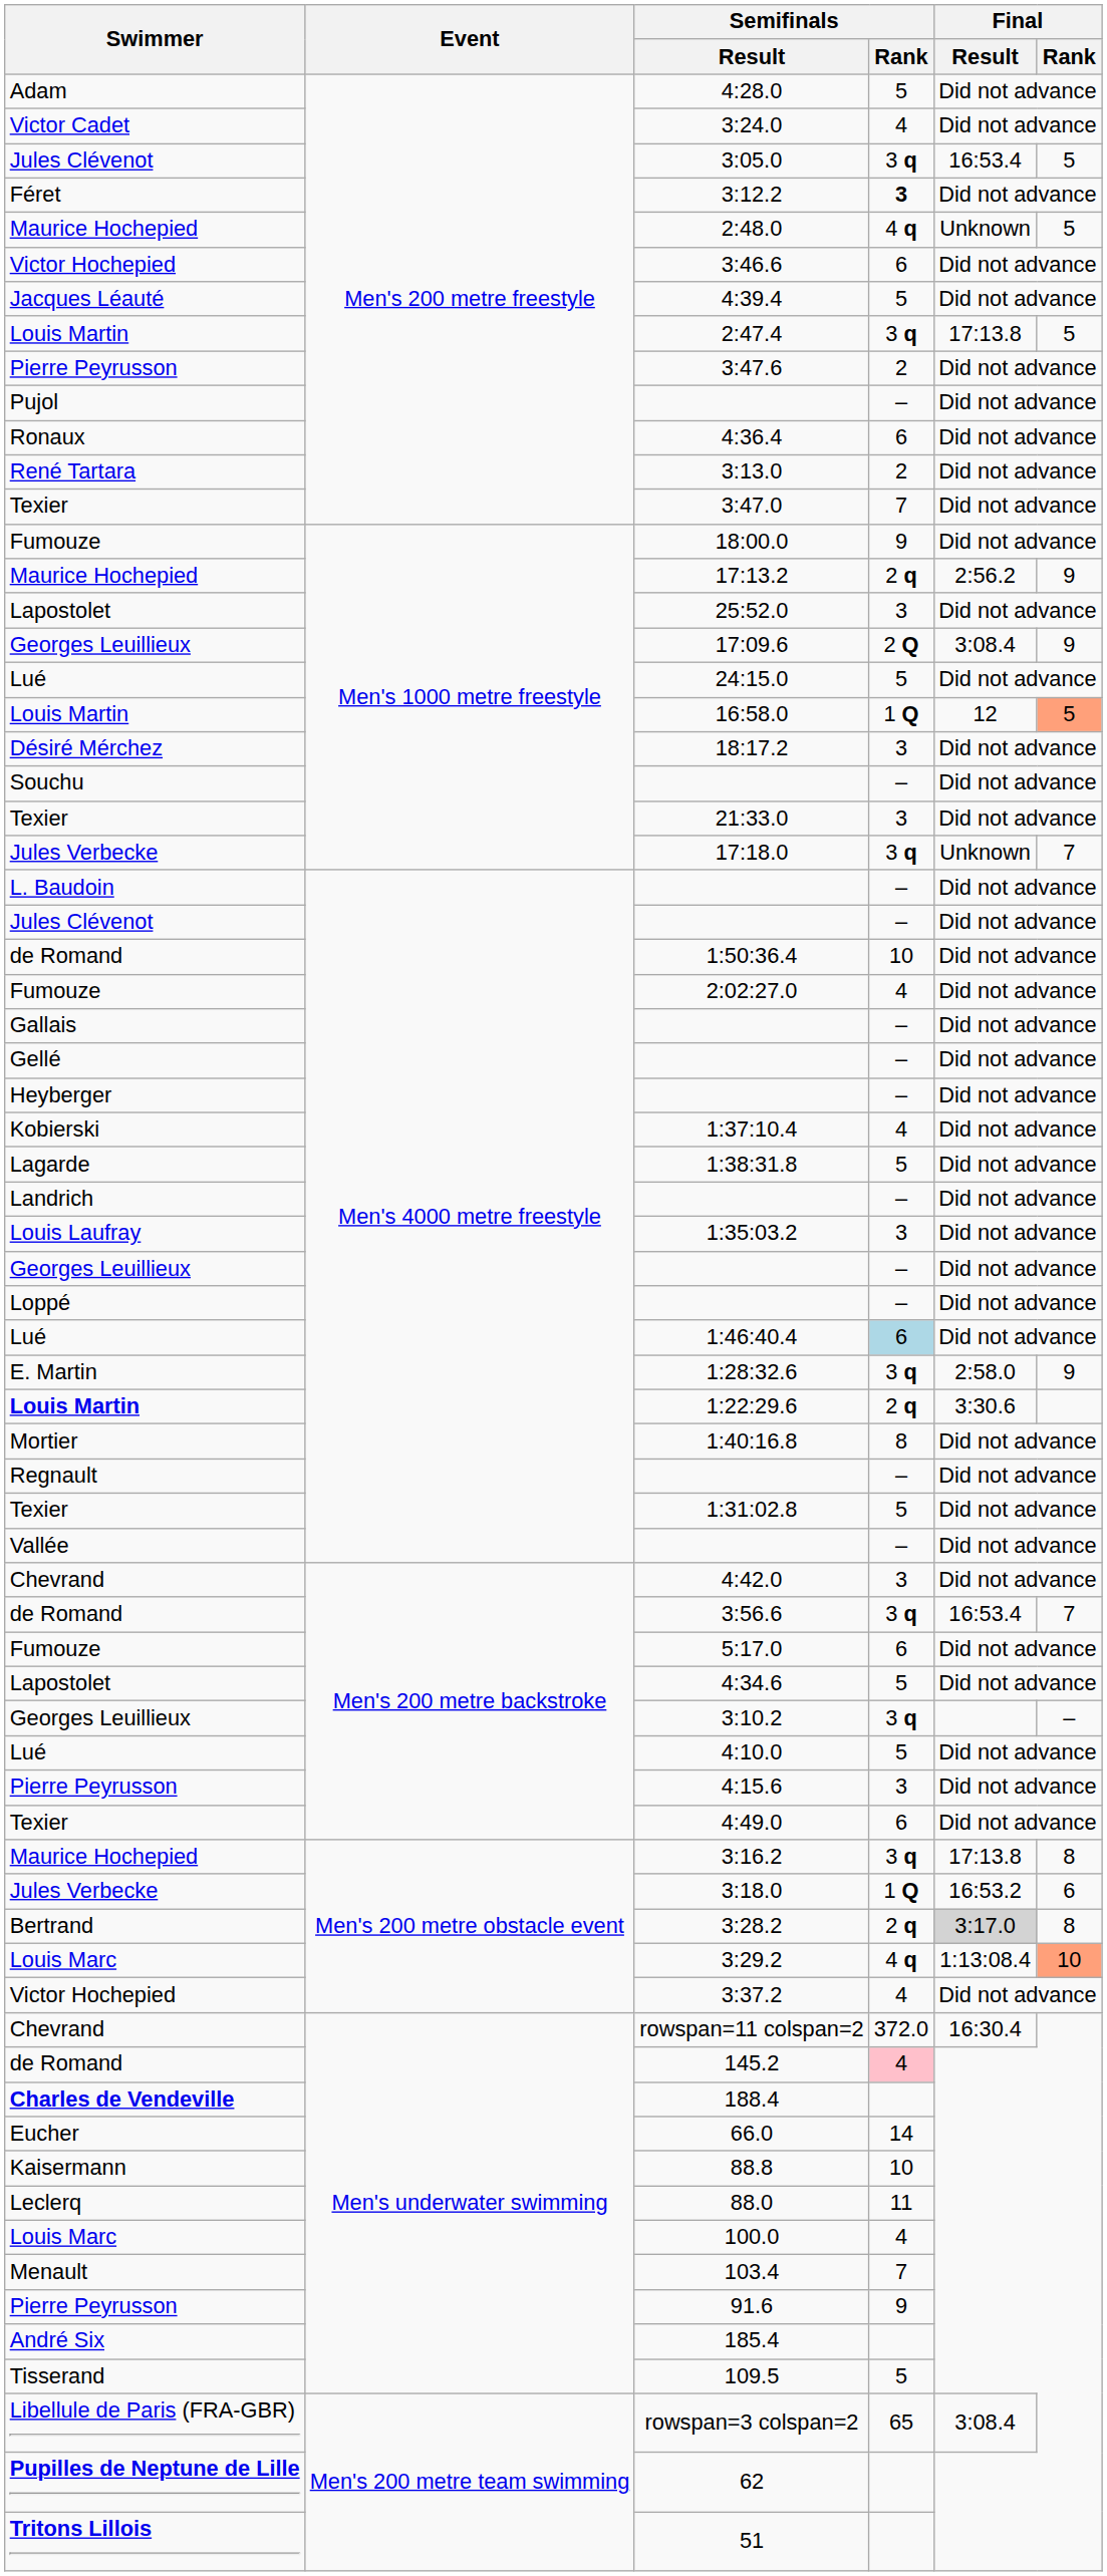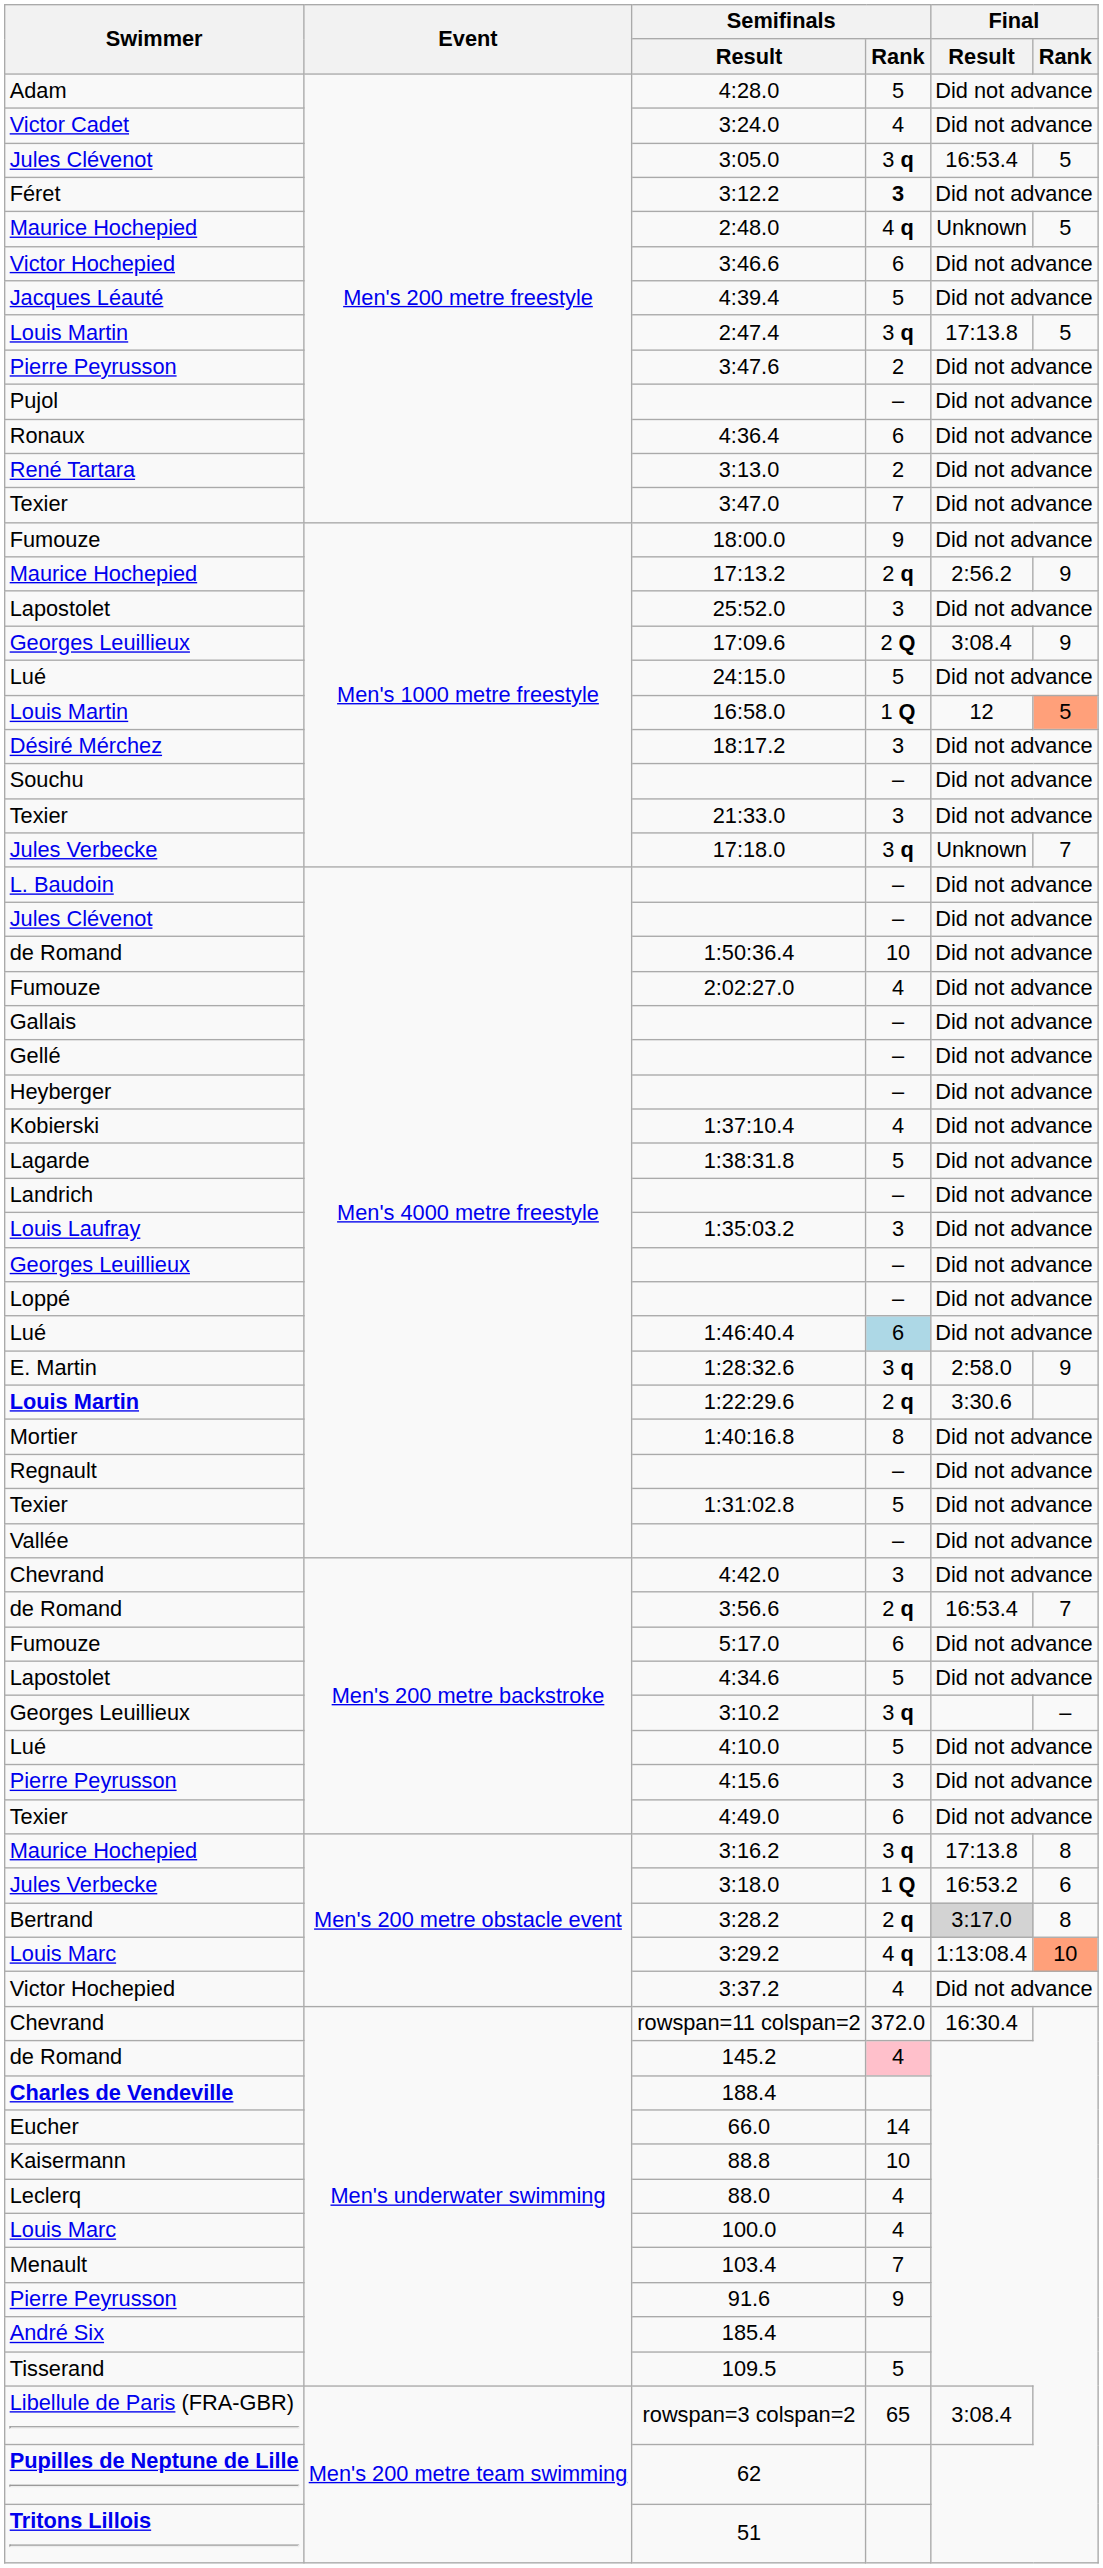 <table class=wikitable>
 <tr>
 <th rowspan=2>Swimmer</th>
 <th rowspan=2>Event</th>
 <th colspan=2>Semifinals</th>
 <th colspan=2>Final</th>
 </tr>
 <tr>
 <th>Result</th>
 <th>Rank</th>
 <th>Result</th>
 <th>Rank</th>
 </tr>
 <tr align=center>
 <td align=left>Adam</td>
 <td rowspan=13><a href='#'>Men's 200 metre freestyle</a></td>
 <td>4:28.0</td>
 <td>5</td>
 <td colspan=2>Did not advance</td>
 </tr>
 <tr align=center>
 <td align=left><a href='#'>Victor Cadet</a></td>
 <td>3:24.0</td>
 <td>4</td>
 <td colspan=2>Did not advance</td>
 </tr>
 <tr align=center>
 <td align=left><a href='#'>Jules Clévenot</a></td>
 <td>3:05.0</td>
 <td>3 <strong>q</strong></td>
 <td>16:53.4</td>
 <td>5</td>
 </tr>
 <tr align=center>
 <td align=left>Féret</td>
 <td>3:12.2</td>
 <td><strong>3</strong></td>
 <td colspan=2>Did not advance</td>
 </tr>
 <tr align=center>
 <td align=left><a href='#'>Maurice Hochepied</a></td>
 <td>2:48.0</td>
 <td>4 <strong>q</strong></td>
 <td>Unknown</td>
 <td>5</td>
 </tr>
 <tr align=center>
 <td align=left><a href='#'>Victor Hochepied</a></td>
 <td>3:46.6</td>
 <td>6</td>
 <td colspan=2>Did not advance</td>
 </tr>
 <tr align=center>
 <td align=left><a href='#'>Jacques Léauté</a></td>
 <td>4:39.4</td>
 <td>5</td>
 <td colspan=2>Did not advance</td>
 </tr>
 <tr align=center>
 <td align=left><a href='#'>Louis Martin</a></td>
 <td>2:47.4</td>
 <td>3 <strong>q</strong></td>
 <td>17:13.8</td>
 <td>5</td>
 </tr>
 <tr align=center>
 <td align=left><a href='#'>Pierre Peyrusson</a></td>
 <td>3:47.6</td>
 <td>2</td>
 <td colspan=2>Did not advance</td>
 </tr>
 <tr align=center>
 <td align=left>Pujol</td>
 <td></td>
 <td>–</td>
 <td colspan=2>Did not advance</td>
 </tr>
 <tr align=center>
 <td align=left>Ronaux</td>
 <td>4:36.4</td>
 <td>6</td>
 <td colspan=2>Did not advance</td>
 </tr>
 <tr align=center>
 <td align=left><a href='#'>René Tartara</a></td>
 <td>3:13.0</td>
 <td>2</td>
 <td colspan=2>Did not advance</td>
 </tr>
 <tr align=center>
 <td align=left>Texier</td>
 <td>3:47.0</td>
 <td>7</td>
 <td colspan=2>Did not advance</td>
 </tr>
 <tr align=center>
 <td align=left>Fumouze</td>
 <td rowspan=10><a href='#'>Men's 1000 metre freestyle</a></td>
 <td>18:00.0</td>
 <td>9</td>
 <td colspan=2>Did not advance</td>
 </tr>
 <tr align=center>
 <td align=left><a href='#'>Maurice Hochepied</a></td>
 <td>17:13.2</td>
 <td>2 <strong>q</strong></td>
 <td>2:56.2</td>
 <td>9</td>
 </tr>
 <tr align=center>
 <td align=left>Lapostolet</td>
 <td>25:52.0</td>
 <td>3</td>
 <td colspan=2>Did not advance</td>
 </tr>
 <tr align=center>
 <td align=left><a href='#'>Georges Leuillieux</a></td>
 <td>17:09.6</td>
 <td>2 <strong>Q</strong></td>
 <td>3:08.4</td>
 <td>9</td>
 </tr>
 <tr align=center>
 <td align=left>Lué</td>
 <td>24:15.0</td>
 <td>5</td>
 <td colspan=2>Did not advance</td>
 </tr>
 <tr align=center>
 <td align=left><a href='#'>Louis Martin</a></td>
 <td>16:58.0</td>
 <td>1 <strong>Q</strong></td>
 <td>12</td>
 <td style="background: lightsalmon;">5</td>
 </tr>
 <tr align=center>
 <td align=left><a href='#'>Désiré Mérchez</a></td>
 <td>18:17.2</td>
 <td>3</td>
 <td colspan=2>Did not advance</td>
 </tr>
 <tr align=center>
 <td align=left>Souchu</td>
 <td></td>
 <td>–</td>
 <td colspan=2>Did not advance</td>
 </tr>
 <tr align=center>
 <td align=left>Texier</td>
 <td>21:33.0</td>
 <td>3</td>
 <td colspan=2>Did not advance</td>
 </tr>
 <tr align=center>
 <td align=left><a href='#'>Jules Verbecke</a></td>
 <td>17:18.0</td>
 <td>3 <strong>q</strong></td>
 <td>Unknown</td>
 <td>7</td>
 </tr>
 <tr align=center>
 <td align=left><a href='#'>L. Baudoin</a></td>
 <td rowspan=20><a href='#'>Men's 4000 metre freestyle</a></td>
 <td></td>
 <td>–</td>
 <td colspan=2>Did not advance</td>
 </tr>
 <tr align=center>
 <td align=left><a href='#'>Jules Clévenot</a></td>
 <td></td>
 <td>–</td>
 <td colspan=2>Did not advance</td>
 </tr>
 <tr align=center>
 <td align=left>de Romand</td>
 <td>1:50:36.4</td>
 <td>10</td>
 <td colspan=2>Did not advance</td>
 </tr>
 <tr align=center>
 <td align=left>Fumouze</td>
 <td>2:02:27.0</td>
 <td>4</td>
 <td colspan=2>Did not advance</td>
 </tr>
 <tr align=center>
 <td align=left>Gallais</td>
 <td></td>
 <td>–</td>
 <td colspan=2>Did not advance</td>
 </tr>
 <tr align=center>
 <td align=left>Gellé</td>
 <td></td>
 <td>–</td>
 <td colspan=2>Did not advance</td>
 </tr>
 <tr align=center>
 <td align=left>Heyberger</td>
 <td></td>
 <td>–</td>
 <td colspan=2>Did not advance</td>
 </tr>
 <tr align=center>
 <td align=left>Kobierski</td>
 <td>1:37:10.4</td>
 <td>4</td>
 <td colspan=2>Did not advance</td>
 </tr>
 <tr align=center>
 <td align=left>Lagarde</td>
 <td>1:38:31.8</td>
 <td>5</td>
 <td colspan=2>Did not advance</td>
 </tr>
 <tr align=center>
 <td align=left>Landrich</td>
 <td></td>
 <td>–</td>
 <td colspan=2>Did not advance</td>
 </tr>
 <tr align=center>
 <td align=left><a href='#'>Louis Laufray</a></td>
 <td>1:35:03.2</td>
 <td>3</td>
 <td colspan=2>Did not advance</td>
 </tr>
 <tr align=center>
 <td align=left><a href='#'>Georges Leuillieux</a></td>
 <td></td>
 <td>–</td>
 <td colspan=2>Did not advance</td>
 </tr>
 <tr align=center>
 <td align=left>Loppé</td>
 <td></td>
 <td>–</td>
 <td colspan=2>Did not advance</td>
 </tr>
 <tr align=center>
 <td align=left>Lué</td>
 <td>1:46:40.4</td>
 <td style="background: lightblue;">6</td>
 <td colspan=2>Did not advance</td>
 </tr>
 <tr align=center>
 <td align=left>E. Martin</td>
 <td>1:28:32.6</td>
 <td>3 <strong>q</strong></td>
 <td>2:58.0</td>
 <td>9</td>
 </tr>
 <tr align=center>
 <td align=left><strong><a href='#'>Louis Martin</a></strong></td>
 <td>1:22:29.6</td>
 <td>2 <strong>q</strong></td>
 <td>3:30.6</td>
 <td></td>
 </tr>
 <tr align=center>
 <td align=left>Mortier</td>
 <td>1:40:16.8</td>
 <td>8</td>
 <td colspan=2>Did not advance</td>
 </tr>
 <tr align=center>
 <td align=left>Regnault</td>
 <td></td>
 <td>–</td>
 <td colspan=2>Did not advance</td>
 </tr>
 <tr align=center>
 <td align=left>Texier</td>
 <td>1:31:02.8</td>
 <td>5</td>
 <td colspan=2>Did not advance</td>
 </tr>
 <tr align=center>
 <td align=left>Vallée</td>
 <td></td>
 <td>–</td>
 <td colspan=2>Did not advance</td>
 </tr>
 <tr align=center>
 <td align=left>Chevrand</td>
 <td rowspan=8><a href='#'>Men's 200 metre backstroke</a></td>
 <td>4:42.0</td>
 <td>3</td>
 <td colspan=2>Did not advance</td>
 </tr>
 <tr align=center>
 <td align=left>de Romand</td>
 <td>3:56.6</td>
-<td>3 <strong>q</strong></td>
+<td>2 <strong>q</strong></td>
 <td>16:53.4</td>
 <td>7</td>
 </tr>
 <tr align=center>
 <td align=left>Fumouze</td>
 <td>5:17.0</td>
 <td>6</td>
 <td colspan=2>Did not advance</td>
 </tr>
 <tr align=center>
 <td align=left>Lapostolet</td>
 <td>4:34.6</td>
 <td>5</td>
 <td colspan=2>Did not advance</td>
 </tr>
 <tr align=center>
 <td align=left>Georges Leuillieux</td>
 <td>3:10.2</td>
 <td>3 <strong>q</strong></td>
 <td></td>
 <td>–</td>
 </tr>
 <tr align=center>
 <td align=left>Lué</td>
 <td>4:10.0</td>
 <td>5</td>
 <td colspan=2>Did not advance</td>
 </tr>
 <tr align=center>
 <td align=left><a href='#'>Pierre Peyrusson</a></td>
 <td>4:15.6</td>
 <td>3</td>
 <td colspan=2>Did not advance</td>
 </tr>
 <tr align=center>
 <td align=left>Texier</td>
 <td>4:49.0</td>
 <td>6</td>
 <td colspan=2>Did not advance</td>
 </tr>
 <tr align=center>
 <td align=left><a href='#'>Maurice Hochepied</a></td>
 <td rowspan=5><a href='#'>Men's 200 metre obstacle event</a></td>
 <td>3:16.2</td>
 <td>3 <strong>q</strong></td>
 <td>17:13.8</td>
 <td>8</td>
 </tr>
 <tr align=center>
 <td align=left><a href='#'>Jules Verbecke</a></td>
 <td>3:18.0</td>
 <td>1 <strong>Q</strong></td>
 <td>16:53.2</td>
 <td>6</td>
 </tr>
 <tr align=center>
 <td align=left>Bertrand</td>
 <td>3:28.2</td>
 <td>2 <strong>q</strong></td>
 <td style="background: lightgrey;">3:17.0</td>
 <td>8</td>
 </tr>
 <tr align=center>
 <td align=left><a href='#'>Louis Marc</a></td>
 <td>3:29.2</td>
 <td>4 <strong>q</strong></td>
 <td>1:13:08.4</td>
 <td style="background: lightsalmon;">10</td>
 </tr>
 <tr align=center>
 <td align=left>Victor Hochepied</td>
 <td>3:37.2</td>
 <td>4</td>
 <td colspan=2>Did not advance</td>
 </tr>
 <tr align=center>
 <td align=left>Chevrand</td>
 <td rowspan=11><a href='#'>Men's underwater swimming</a></td>
 <td>rowspan=11 colspan=2 </td>
 <td>372.0</td>
 <td>16:30.4</td>
 </tr>
 <tr align=center>
 <td align=left>de Romand</td>
 <td>145.2</td>
 <td style="background: pink;">4</td>
 </tr>
 <tr align=center>
 <td align=left><strong><a href='#'>Charles de Vendeville</a></strong></td>
 <td>188.4</td>
 <td></td>
 </tr>
 <tr align=center>
 <td align=left>Eucher</td>
 <td>66.0</td>
 <td>14</td>
 </tr>
 <tr align=center>
 <td align=left>Kaisermann</td>
 <td>88.8</td>
 <td>10</td>
 </tr>
 <tr align=center>
 <td align=left>Leclerq</td>
 <td>88.0</td>
-<td>11</td>
+<td>4</td>
 </tr>
 <tr align=center>
 <td align=left><a href='#'>Louis Marc</a></td>
 <td>100.0</td>
 <td>4</td>
 </tr>
 <tr align=center>
 <td align=left>Menault</td>
 <td>103.4</td>
 <td>7</td>
 </tr>
 <tr align=center>
 <td align=left><a href='#'>Pierre Peyrusson</a></td>
 <td>91.6</td>
 <td>9</td>
 </tr>
 <tr align=center>
 <td align=left><a href='#'>André Six</a></td>
 <td>185.4</td>
 <td></td>
 </tr>
 <tr align=center>
 <td align=left>Tisserand</td>
 <td>109.5</td>
 <td>5</td>
 </tr>
 <tr align=center>
 <td align=left><a href='#'>Libellule de Paris</a> (FRA-GBR) <hr> </td>
 <td rowspan=3><a href='#'>Men's 200 metre team swimming</a></td>
 <td>rowspan=3 colspan=2 </td>
 <td>65</td>
 <td>3:08.4</td>
 </tr>
 <tr align=center>
 <td align=left><strong><a href='#'>Pupilles de Neptune de Lille</a> <hr> </strong></td>
 <td>62</td>
 <td></td>
 </tr>
 <tr align=center>
 <td align=left><strong><a href='#'>Tritons Lillois</a> <hr> </strong></td>
 <td>51</td>
 <td></td>
 </tr>
 </table>
